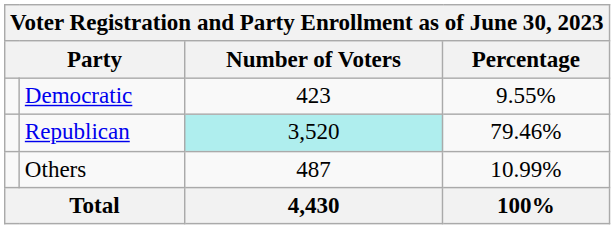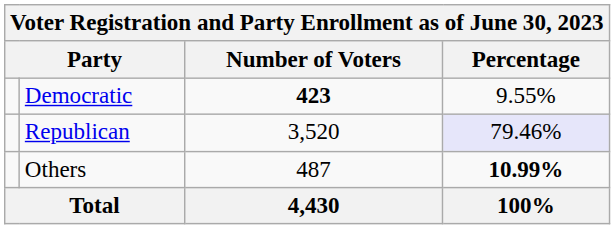 <table class=wikitable>
 <tr>
 <th colspan = 6>Voter Registration and Party Enrollment as of June 30, 2023</th>
 </tr>
 <tr>
 <th colspan = 2>Party</th>
 <th>Number of Voters</th>
 <th>Percentage</th>
 </tr>
 <tr>
 <td></td>
 <td><a href='#'>Democratic</a></td>
-<td align = center>423</td>
+<td align = center><strong>423</strong></td>
 <td align = center>9.55%</td>
 </tr>
 <tr>
 <td></td>
 <td><a href='#'>Republican</a></td>
-<td align = center style="background: paleturquoise;">3,520</td>
-<td align = center>79.46%</td>
+<td align = center>3,520</td>
+<td align = center style="background: lavender;">79.46%</td>
 </tr>
 <tr>
 <td></td>
 <td>Others</td>
 <td align = center>487</td>
-<td align = center>10.99%</td>
+<td align = center><strong>10.99%</strong></td>
 </tr>
 <tr>
 <th colspan = 2>Total</th>
 <th align = center>4,430</th>
 <th align = center>100%</th>
 </tr>
 </table>
